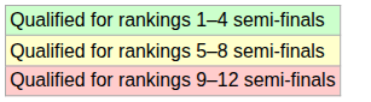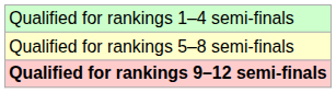 <table class="wikitable">
 <tr>
 <td style="background:#cfc;">Qualified for rankings 1–4 semi-finals</td>
 </tr>
 <tr>
 <td style="background:#ffc;">Qualified for rankings 5–8 semi-finals</td>
 </tr>
 <tr>
-<td style="background:#fcc;">Qualified for rankings 9–12 semi-finals</td>
+<td style="background:#fcc;"><strong>Qualified for rankings 9–12 semi-finals</strong></td>
 </tr>
 </table>
